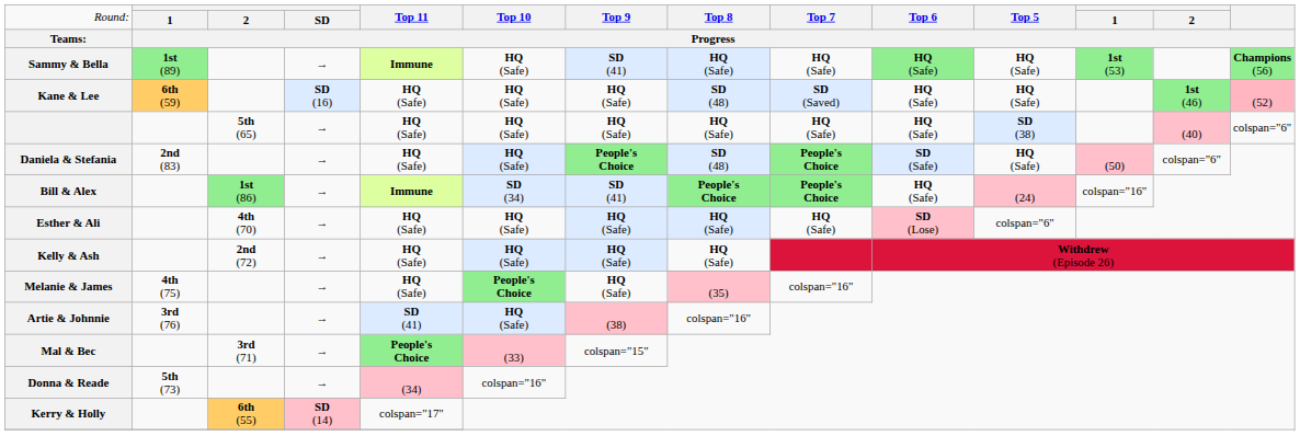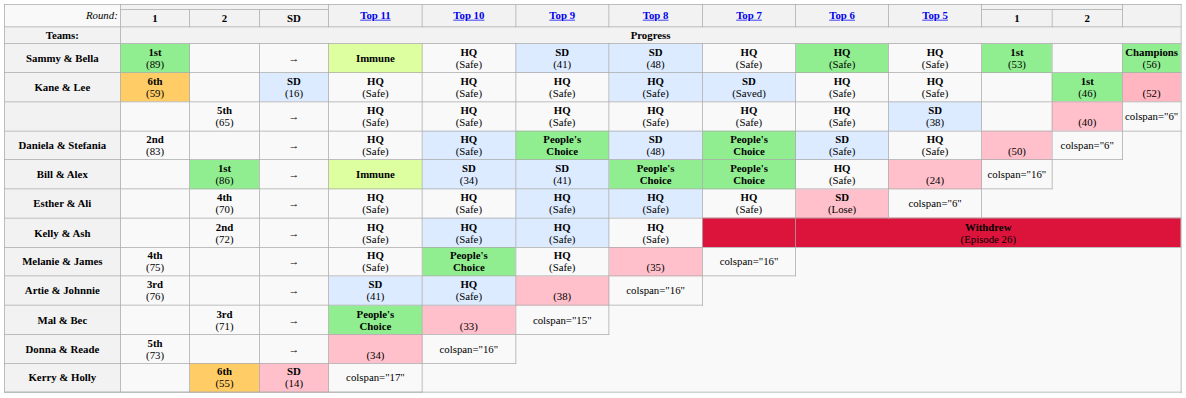 <table class="wikitable" style="text-align: center; font-size: 90%; line-height:16px;">
 <tr>
 <td style="width:10%; text-align:right;" rowspan="2"><em>Round:</em></td>
 <th colspan="3"><a href='#'></a></th>
 <th rowspan="2" style="width:8%;"><a href='#'>Top 11</a></th>
 <th rowspan="2" style="width:8%;"><a href='#'>Top 10</a></th>
 <th rowspan="2" style="width:8%;"><a href='#'>Top 9</a></th>
 <th rowspan="2" style="width:8%;"><a href='#'>Top 8</a></th>
 <th rowspan="2" style="width:8%;"><a href='#'>Top 7</a></th>
 <th rowspan="2" style="width:8%;"><a href='#'>Top 6</a></th>
 <th rowspan="2" style="width:8%;"><a href='#'>Top 5</a></th>
 <th colspan="2"><a href='#'></a></th>
 <th rowspan="2" style="width:8%;"><a href='#'></a></th>
 </tr>
 <tr>
 <th style="width:6%;">1</th>
 <th style="width:6%;">2</th>
 <th style="width:6%;">SD</th>
 <th style="width:6%;">1</th>
 <th style="width:6%;">2</th>
 </tr>
 <tr>
 <th>Teams:</th>
 <th colspan="13">Progress</th>
 </tr>
 <tr>
 <th>Sammy & Bella</th>
 <td style="background:lightgreen;"><strong>1st</strong><br>(89)</td>
 <td></td>
 <td>→</td>
 <td bgcolor="DDFF9F"><strong>Immune</strong></td>
 <td><strong>HQ</strong><br>(Safe)</td>
 <td style="background:#DCEBFF"><strong>SD</strong><br>(41)</td>
-<td style="background:#DCEBFF"><strong>HQ</strong><br>(Safe)</td>
+<td style="background:#DCEBFF"><strong>SD</strong><br>(48)</td>
 <td><strong>HQ</strong><br>(Safe)</td>
 <td style="background:lightgreen;"><strong>HQ</strong><br>(Safe)</td>
 <td><strong>HQ</strong><br>(Safe)</td>
 <td style="background:lightgreen;"><strong>1st</strong><br>(53)</td>
 <td></td>
 <td style="background:lightgreen;"><strong>Champions</strong><br>(56)</td>
 </tr>
 <tr>
 <th>Kane & Lee</th>
 <td style="background:#FFCC66"><strong>6th</strong><br>(59)</td>
 <td></td>
 <td style="background:#DCEBFF"><strong>SD</strong><br>(16)</td>
 <td><strong>HQ</strong><br>(Safe)</td>
 <td><strong>HQ</strong><br>(Safe)</td>
 <td><strong>HQ</strong><br>(Safe)</td>
-<td style="background:#DCEBFF"><strong>SD</strong><br>(48)</td>
+<td style="background:#DCEBFF"><strong>HQ</strong><br>(Safe)</td>
 <td style="background:#DCEBFF"><strong>SD</strong><br>(Saved)</td>
 <td><strong>HQ</strong><br>(Safe)</td>
 <td><strong>HQ</strong><br>(Safe)</td>
 <td></td>
 <td style="background:lightgreen;"><strong>1st</strong><br>(46)</td>
 <td style="background:lightpink;"><br>(52)</td>
 </tr>
 <tr>
 <th></th>
 <td></td>
 <td><strong>5th</strong><br>(65)</td>
 <td>→</td>
 <td><strong>HQ</strong><br>(Safe)</td>
 <td><strong>HQ</strong><br>(Safe)</td>
 <td><strong>HQ</strong><br>(Safe)</td>
 <td><strong>HQ</strong><br>(Safe)</td>
 <td><strong>HQ</strong><br>(Safe)</td>
 <td><strong>HQ</strong><br>(Safe)</td>
 <td style="background:#DCEBFF"><strong>SD</strong><br>(38)</td>
 <td></td>
 <td style="background:pink;"><br>(40)</td>
 <td>colspan="6" </td>
 </tr>
 <tr>
 <th>Daniela & Stefania</th>
 <td><strong>2nd</strong><br>(83)</td>
 <td></td>
 <td>→</td>
 <td><strong>HQ</strong><br>(Safe)</td>
 <td style="background:#DCEBFF"><strong>HQ</strong><br>(Safe)</td>
 <td style="background:lightgreen;"><strong>People's<br>Choice</strong></td>
 <td style="background:#DCEBFF"><strong>SD</strong><br>(48)</td>
 <td style="background:lightgreen;"><strong>People's<br>Choice</strong></td>
 <td style="background:#DCEBFF"><strong>SD</strong><br>(Safe)</td>
 <td><strong>HQ</strong><br>(Safe)</td>
 <td style="background:pink;"><br>(50)</td>
 <td>colspan="6" </td>
 </tr>
 <tr>
 <th>Bill & Alex</th>
 <td></td>
 <td style="background:lightgreen;"><strong>1st</strong><br>(86)</td>
 <td>→</td>
 <td bgcolor="DDFF9F"><strong>Immune</strong></td>
 <td style="background:#DCEBFF"><strong>SD</strong><br>(34)</td>
 <td style="background:#DCEBFF"><strong>SD</strong><br>(41)</td>
 <td style="background:lightgreen;"><strong>People's<br>Choice</strong></td>
 <td style="background:lightgreen;"><strong>People's<br>Choice</strong></td>
 <td><strong>HQ</strong><br>(Safe)</td>
 <td style="background:pink;"><br>(24)</td>
 <td>colspan="16" </td>
 </tr>
 <tr>
 <th>Esther & Ali</th>
 <td></td>
 <td><strong>4th</strong><br>(70)</td>
 <td>→</td>
 <td><strong>HQ</strong><br>(Safe)</td>
 <td><strong>HQ</strong><br>(Safe)</td>
 <td style="background:#DCEBFF"><strong>HQ</strong><br>(Safe)</td>
 <td style="background:#DCEBFF"><strong>HQ</strong><br>(Safe)</td>
 <td><strong>HQ</strong><br>(Safe)</td>
 <td style="background:pink;"><strong>SD</strong><br>(Lose)</td>
 <td>colspan="6" </td>
 </tr>
 <tr>
 <th>Kelly & Ash</th>
 <td></td>
 <td><strong>2nd</strong><br>(72)</td>
 <td>→</td>
 <td><strong>HQ</strong><br>(Safe)</td>
 <td style="background:#DCEBFF"><strong>HQ</strong><br>(Safe)</td>
 <td style="background:#DCEBFF"><strong>HQ</strong><br>(Safe)</td>
 <td><strong>HQ</strong><br>(Safe)</td>
 <td style="background:crimson;"></td>
 <td colspan="6" style="background:crimson;"><strong>Withdrew</strong><br> (Episode 26)</td>
 </tr>
 <tr>
 <th>Melanie & James</th>
 <td><strong>4th</strong><br>(75)</td>
 <td></td>
 <td>→</td>
 <td><strong>HQ</strong><br>(Safe)</td>
 <td style="background:lightgreen;"><strong>People's<br>Choice</strong></td>
 <td><strong>HQ</strong><br>(Safe)</td>
 <td style="background:pink;"> <br>(35)</td>
 <td>colspan="16" </td>
 </tr>
 <tr>
 <th>Artie & Johnnie</th>
 <td><strong>3rd</strong><br>(76)</td>
 <td></td>
 <td>→</td>
 <td style="background:#DCEBFF"><strong>SD</strong><br>(41)</td>
 <td style="background:#DCEBFF"><strong>HQ</strong><br>(Safe)</td>
 <td style="background:pink;"> <br>(38)</td>
 <td>colspan="16" </td>
 </tr>
 <tr>
 <th>Mal & Bec</th>
 <td></td>
 <td><strong>3rd</strong><br>(71)</td>
 <td>→</td>
 <td style="background:lightgreen;"><strong>People's<br>Choice</strong></td>
 <td style="background:pink;"> <br>(33)</td>
 <td>colspan="15" </td>
 </tr>
 <tr>
 <th>Donna & Reade</th>
 <td><strong>5th</strong><br>(73)</td>
 <td></td>
 <td>→</td>
 <td style="background:pink;"> <br>(34)</td>
 <td>colspan="16" </td>
 </tr>
 <tr>
 <th>Kerry & Holly</th>
 <td></td>
 <td style="background:#FFCC66"><strong>6th</strong><br>(55)</td>
 <td style="background:pink;"><strong>SD</strong><br>(14)</td>
 <td>colspan="17" </td>
 </tr>
 <tr>
 </tr>
 </table>
